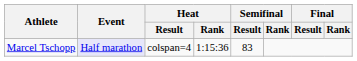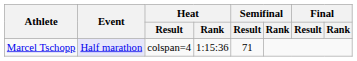 <table class="wikitable" style="font-size:90%">
 <tr>
 <th rowspan=2>Athlete</th>
 <th rowspan=2>Event</th>
 <th colspan=2>Heat</th>
 <th colspan=2>Semifinal</th>
 <th colspan=2>Final</th>
 </tr>
 <tr style="font-size:95%">
 <th>Result</th>
 <th>Rank</th>
 <th>Result</th>
 <th>Rank</th>
 <th>Result</th>
 <th>Rank</th>
 </tr>
 <tr align=center>
 <td align=left><a href='#'>Marcel Tschopp</a></td>
 <td style="background: lavender; text-align:left;"><a href='#'>Half marathon</a></td>
 <td>colspan=4 </td>
 <td>1:15:36</td>
-<td>83</td>
+<td>71</td>
 </tr>
 </table>
